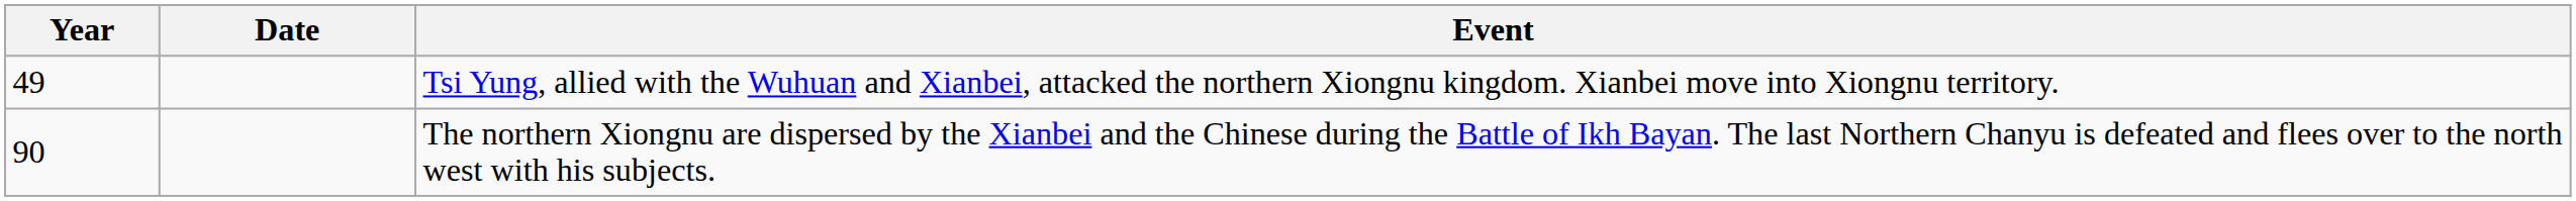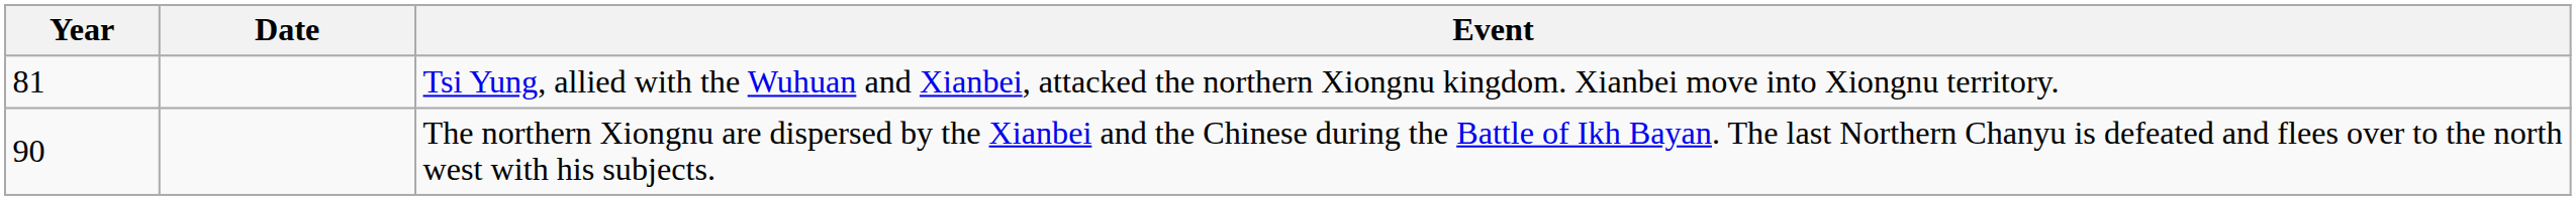 <table class="wikitable" width="100%">
 <tr>
 <th style="width:6%">Year</th>
 <th style="width:10%">Date</th>
 <th>Event</th>
 </tr>
 <tr>
-<td>49</td>
+<td>81</td>
 <td></td>
 <td><a href='#'>Tsi Yung</a>, allied with the <a href='#'>Wuhuan</a> and <a href='#'>Xianbei</a>, attacked the northern Xiongnu kingdom. Xianbei move into Xiongnu territory.</td>
 </tr>
 <tr>
 <td>90</td>
 <td></td>
 <td>The northern Xiongnu are dispersed by the <a href='#'>Xianbei</a> and the Chinese during the <a href='#'>Battle of Ikh Bayan</a>.  The last Northern Chanyu is defeated and flees over to the north west with his subjects.</td>
 </tr>
 </table>
